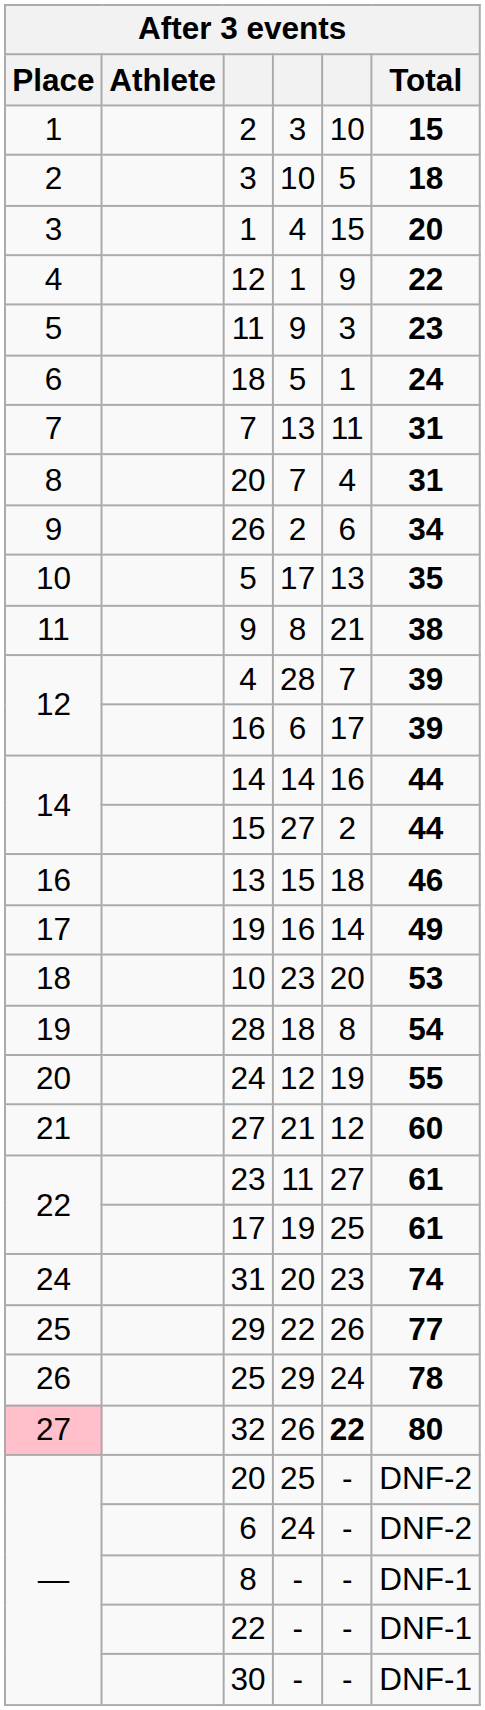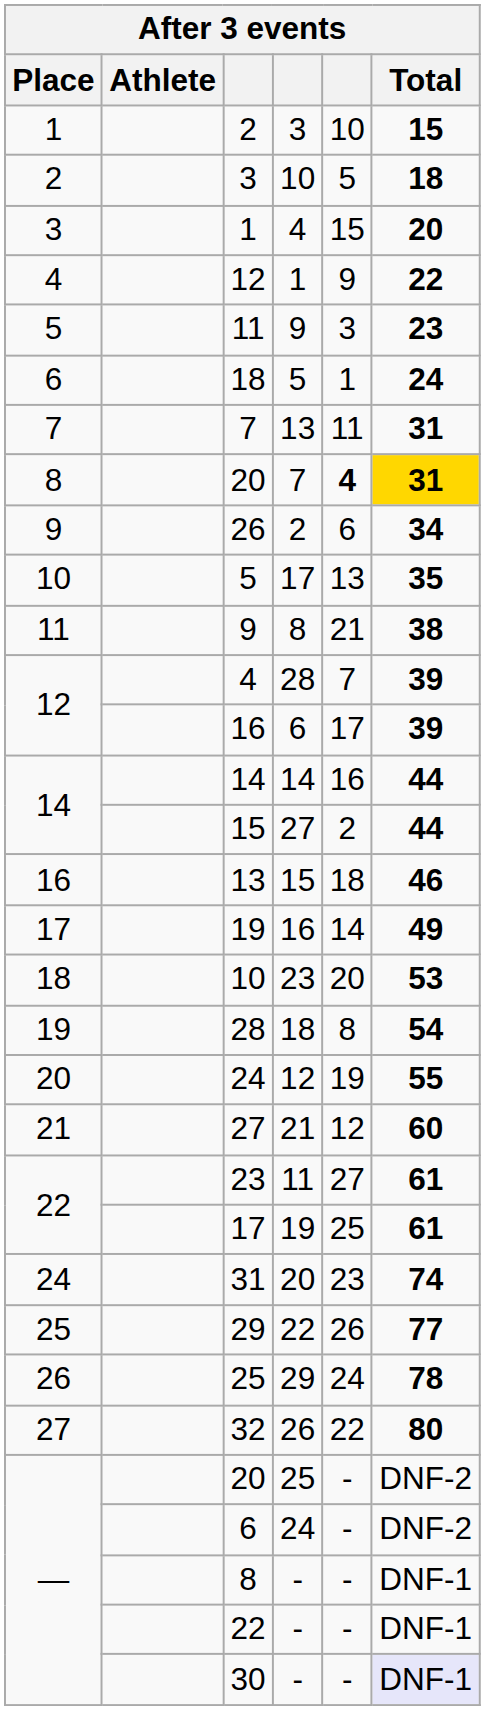 <table class=wikitable style="text-align:center">
 <tr>
 <th colspan=6><strong>After 3 events</strong></th>
 </tr>
 <tr>
 <th>Place</th>
 <th>Athlete</th>
 <th></th>
 <th></th>
 <th></th>
 <th>Total</th>
 </tr>
 <tr>
 <td>1</td>
 <td align=left></td>
 <td>2</td>
 <td>3</td>
 <td>10</td>
 <td><strong>15</strong></td>
 </tr>
 <tr>
 <td>2</td>
 <td align=left></td>
 <td>3</td>
 <td>10</td>
 <td>5</td>
 <td><strong>18</strong></td>
 </tr>
 <tr>
 <td>3</td>
 <td align=left></td>
 <td>1</td>
 <td>4</td>
 <td>15</td>
 <td><strong>20</strong></td>
 </tr>
 <tr>
 <td>4</td>
 <td align=left></td>
 <td>12</td>
 <td>1</td>
 <td>9</td>
 <td><strong>22</strong></td>
 </tr>
 <tr>
 <td>5</td>
 <td align=left></td>
 <td>11</td>
 <td>9</td>
 <td>3</td>
 <td><strong>23</strong></td>
 </tr>
 <tr>
 <td>6</td>
 <td align=left></td>
 <td>18</td>
 <td>5</td>
 <td>1</td>
 <td><strong>24</strong></td>
 </tr>
 <tr>
 <td>7</td>
 <td align=left></td>
 <td>7</td>
 <td>13</td>
 <td>11</td>
 <td><strong>31</strong></td>
 </tr>
 <tr>
 <td>8</td>
 <td align=left></td>
 <td>20</td>
 <td>7</td>
-<td>4</td>
-<td><strong>31</strong></td>
+<td><strong>4</strong></td>
+<td style="background: gold;"><strong>31</strong></td>
 </tr>
 <tr>
 <td>9</td>
 <td align=left></td>
 <td>26</td>
 <td>2</td>
 <td>6</td>
 <td><strong>34</strong></td>
 </tr>
 <tr>
 <td>10</td>
 <td align=left></td>
 <td>5</td>
 <td>17</td>
 <td>13</td>
 <td><strong>35</strong></td>
 </tr>
 <tr>
 <td>11</td>
 <td align=left></td>
 <td>9</td>
 <td>8</td>
 <td>21</td>
 <td><strong>38</strong></td>
 </tr>
 <tr>
 <td rowspan=2>12</td>
 <td align=left></td>
 <td>4</td>
 <td>28</td>
 <td>7</td>
 <td><strong>39</strong></td>
 </tr>
 <tr>
 <td align=left></td>
 <td>16</td>
 <td>6</td>
 <td>17</td>
 <td><strong>39</strong></td>
 </tr>
 <tr>
 <td rowspan=2>14</td>
 <td align=left></td>
 <td>14</td>
 <td>14</td>
 <td>16</td>
 <td><strong>44</strong></td>
 </tr>
 <tr>
 <td align=left></td>
 <td>15</td>
 <td>27</td>
 <td>2</td>
 <td><strong>44</strong></td>
 </tr>
 <tr>
 <td>16</td>
 <td align=left></td>
 <td>13</td>
 <td>15</td>
 <td>18</td>
 <td><strong>46</strong></td>
 </tr>
 <tr>
 <td>17</td>
 <td align=left></td>
 <td>19</td>
 <td>16</td>
 <td>14</td>
 <td><strong>49</strong></td>
 </tr>
 <tr>
 <td>18</td>
 <td align=left></td>
 <td>10</td>
 <td>23</td>
 <td>20</td>
 <td><strong>53</strong></td>
 </tr>
 <tr>
 <td>19</td>
 <td align=left></td>
 <td>28</td>
 <td>18</td>
 <td>8</td>
 <td><strong>54</strong></td>
 </tr>
 <tr>
 <td>20</td>
 <td align=left></td>
 <td>24</td>
 <td>12</td>
 <td>19</td>
 <td><strong>55</strong></td>
 </tr>
 <tr>
 <td>21</td>
 <td align=left></td>
 <td>27</td>
 <td>21</td>
 <td>12</td>
 <td><strong>60</strong></td>
 </tr>
 <tr>
 <td rowspan=2>22</td>
 <td align=left></td>
 <td>23</td>
 <td>11</td>
 <td>27</td>
 <td><strong>61</strong></td>
 </tr>
 <tr>
 <td align=left></td>
 <td>17</td>
 <td>19</td>
 <td>25</td>
 <td><strong>61</strong></td>
 </tr>
 <tr>
 <td>24</td>
 <td align=left></td>
 <td>31</td>
 <td>20</td>
 <td>23</td>
 <td><strong>74</strong></td>
 </tr>
 <tr>
 <td>25</td>
 <td align=left></td>
 <td>29</td>
 <td>22</td>
 <td>26</td>
 <td><strong>77</strong></td>
 </tr>
 <tr>
 <td>26</td>
 <td align=left></td>
 <td>25</td>
 <td>29</td>
 <td>24</td>
 <td><strong>78</strong></td>
 </tr>
 <tr>
-<td style="background: pink;">27</td>
+<td>27</td>
 <td align=left></td>
 <td>32</td>
 <td>26</td>
-<td><strong>22</strong></td>
+<td>22</td>
 <td><strong>80</strong></td>
 </tr>
 <tr>
 <td rowspan=5>—</td>
 <td align=left></td>
 <td>20</td>
 <td>25</td>
 <td>-</td>
 <td>DNF-2</td>
 </tr>
 <tr>
 <td align=left></td>
 <td>6</td>
 <td>24</td>
 <td>-</td>
 <td>DNF-2</td>
 </tr>
 <tr>
 <td align=left></td>
 <td>8</td>
 <td>-</td>
 <td>-</td>
 <td>DNF-1</td>
 </tr>
 <tr>
 <td align=left></td>
 <td>22</td>
 <td>-</td>
 <td>-</td>
 <td>DNF-1</td>
 </tr>
 <tr>
 <td align=left></td>
 <td>30</td>
 <td>-</td>
 <td>-</td>
-<td>DNF-1</td>
+<td style="background: lavender;">DNF-1</td>
 </tr>
 </table>
